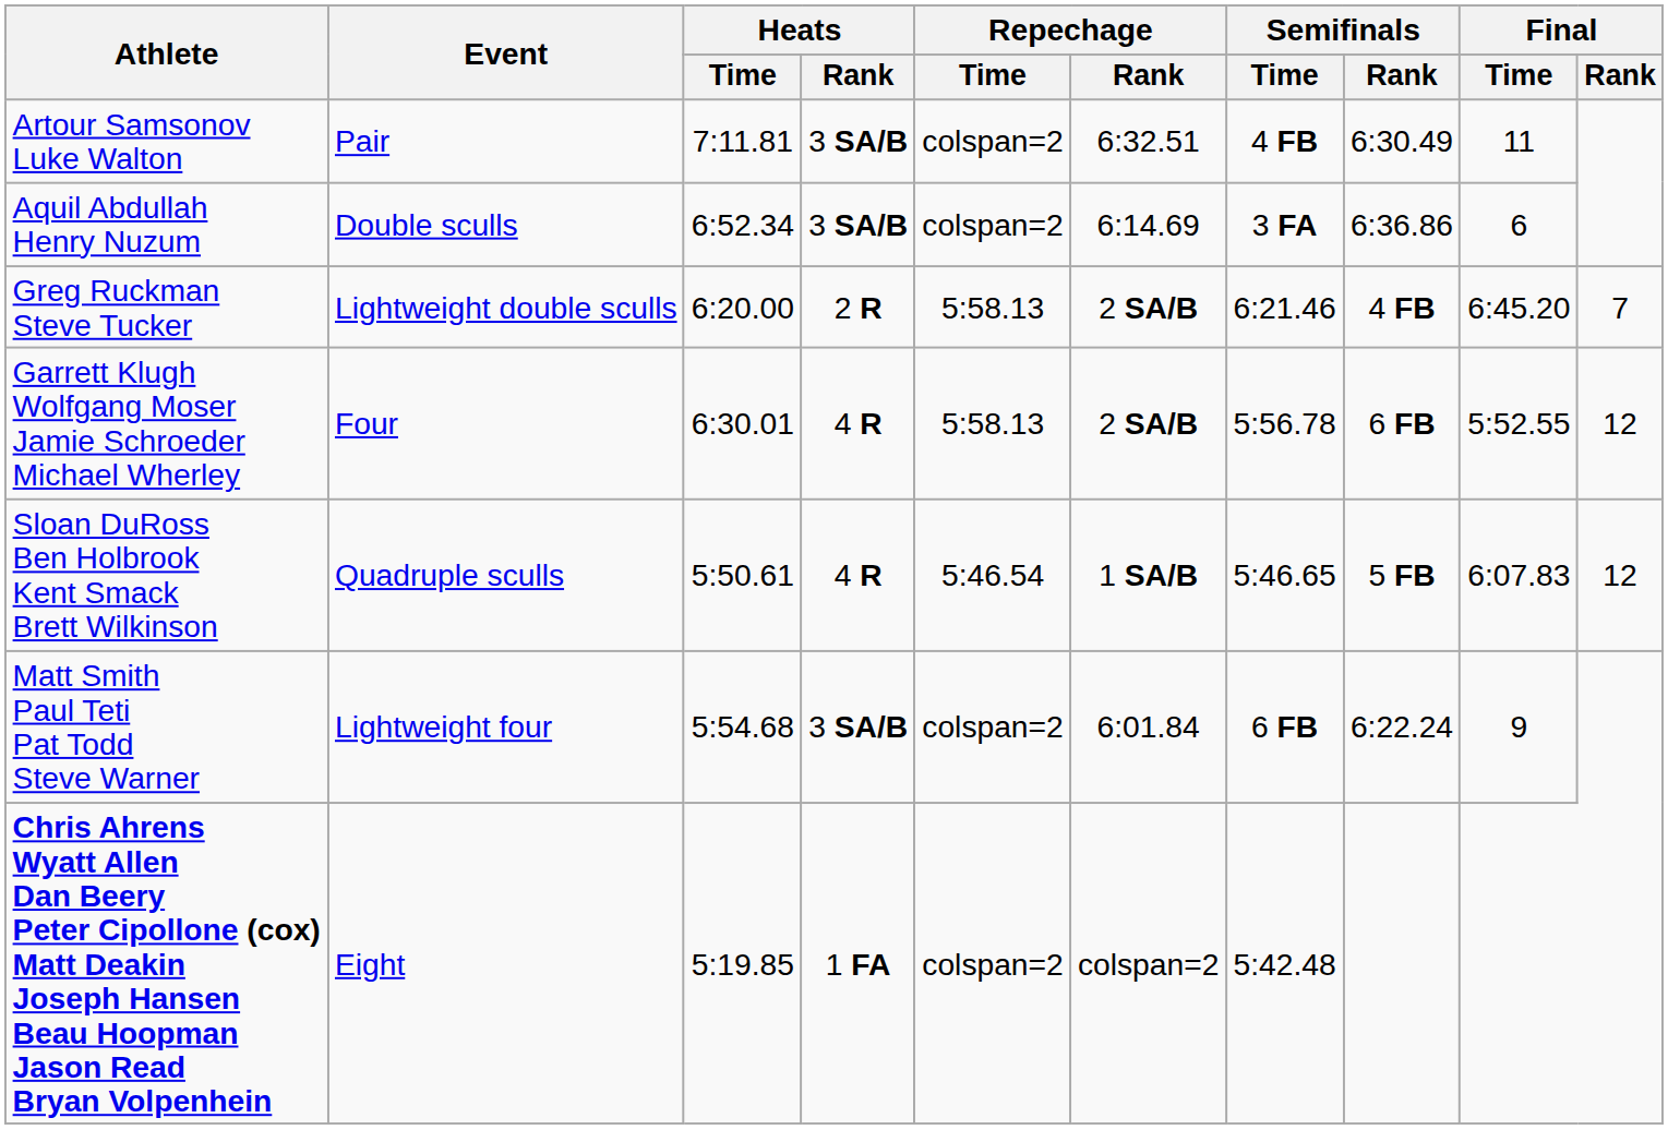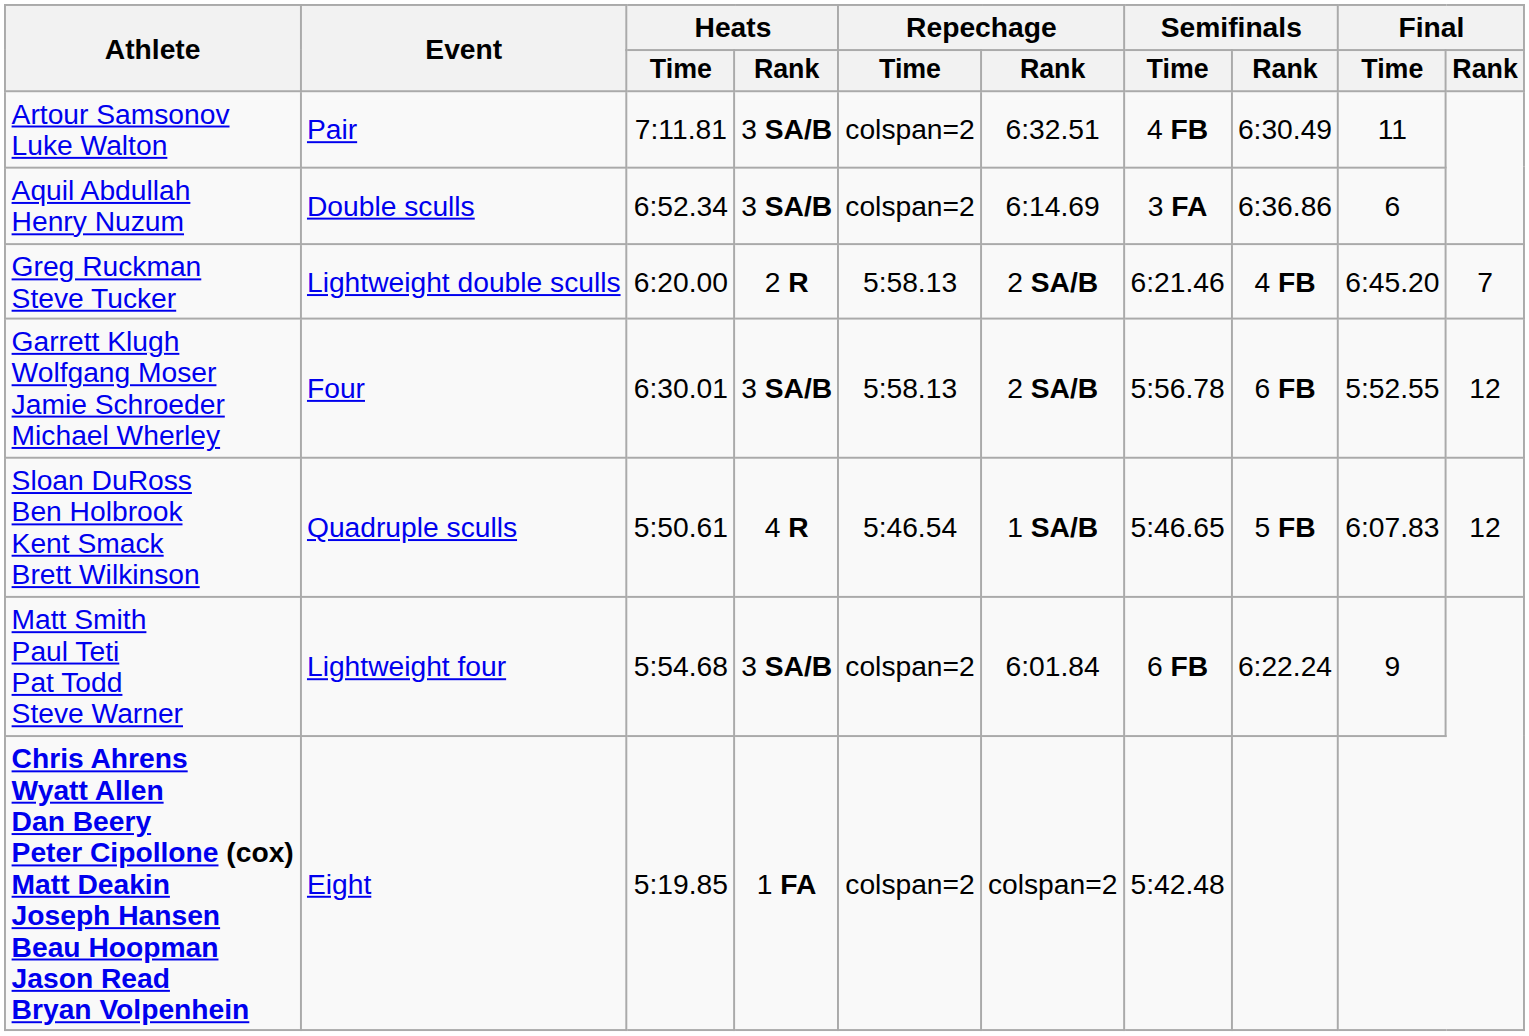 <table class=wikitable style=font-size:90%;text-align:center>
 <tr>
 <th rowspan=2>Athlete</th>
 <th rowspan=2>Event</th>
 <th colspan=2>Heats</th>
 <th colspan=2>Repechage</th>
 <th colspan=2>Semifinals</th>
 <th colspan=2>Final</th>
 </tr>
 <tr style=font-size:95%>
 <th>Time</th>
 <th>Rank</th>
 <th>Time</th>
 <th>Rank</th>
 <th>Time</th>
 <th>Rank</th>
 <th>Time</th>
 <th>Rank</th>
 </tr>
 <tr>
 <td align=left><a href='#'>Artour Samsonov</a><br><a href='#'>Luke Walton</a></td>
 <td align=left><a href='#'>Pair</a></td>
 <td>7:11.81</td>
 <td>3 <strong>SA/B</strong></td>
 <td>colspan=2 </td>
 <td>6:32.51</td>
 <td>4 <strong>FB</strong></td>
 <td>6:30.49</td>
 <td>11</td>
 </tr>
 <tr>
 <td align=left><a href='#'>Aquil Abdullah</a><br><a href='#'>Henry Nuzum</a></td>
 <td align=left><a href='#'>Double sculls</a></td>
 <td>6:52.34</td>
 <td>3 <strong>SA/B</strong></td>
 <td>colspan=2 </td>
 <td>6:14.69</td>
 <td>3 <strong>FA</strong></td>
 <td>6:36.86</td>
 <td>6</td>
 </tr>
 <tr>
 <td align=left><a href='#'>Greg Ruckman</a><br><a href='#'>Steve Tucker</a></td>
 <td align=left><a href='#'>Lightweight double sculls</a></td>
 <td>6:20.00</td>
 <td>2 <strong>R</strong></td>
 <td>5:58.13</td>
 <td>2 <strong>SA/B</strong></td>
 <td>6:21.46</td>
 <td>4 <strong>FB</strong></td>
 <td>6:45.20</td>
 <td>7</td>
 </tr>
 <tr>
 <td align=left><a href='#'>Garrett Klugh</a><br><a href='#'>Wolfgang Moser</a><br><a href='#'>Jamie Schroeder</a><br><a href='#'>Michael Wherley</a></td>
 <td align=left><a href='#'>Four</a></td>
 <td>6:30.01</td>
-<td>4 <strong>R</strong></td>
+<td>3 <strong>SA/B</strong></td>
 <td>5:58.13</td>
 <td>2 <strong>SA/B</strong></td>
 <td>5:56.78</td>
 <td>6 <strong>FB</strong></td>
 <td>5:52.55</td>
 <td>12</td>
 </tr>
 <tr>
 <td align=left><a href='#'>Sloan DuRoss</a><br><a href='#'>Ben Holbrook</a><br><a href='#'>Kent Smack</a><br><a href='#'>Brett Wilkinson</a></td>
 <td align=left><a href='#'>Quadruple sculls</a></td>
 <td>5:50.61</td>
 <td>4 <strong>R</strong></td>
 <td>5:46.54</td>
 <td>1 <strong>SA/B</strong></td>
 <td>5:46.65</td>
 <td>5 <strong>FB</strong></td>
 <td>6:07.83</td>
 <td>12</td>
 </tr>
 <tr>
 <td align=left><a href='#'>Matt Smith</a><br><a href='#'>Paul Teti</a><br><a href='#'>Pat Todd</a><br><a href='#'>Steve Warner</a></td>
 <td align=left><a href='#'>Lightweight four</a></td>
 <td>5:54.68</td>
 <td>3 <strong>SA/B</strong></td>
 <td>colspan=2 </td>
 <td>6:01.84</td>
 <td>6 <strong>FB</strong></td>
 <td>6:22.24</td>
 <td>9</td>
 </tr>
 <tr>
 <td align=left><strong><a href='#'>Chris Ahrens</a><br><a href='#'>Wyatt Allen</a><br><a href='#'>Dan Beery</a><br><a href='#'>Peter Cipollone</a> (cox)<br><a href='#'>Matt Deakin</a><br><a href='#'>Joseph Hansen</a><br><a href='#'>Beau Hoopman</a><br><a href='#'>Jason Read</a><br><a href='#'>Bryan Volpenhein</a></strong></td>
 <td align=left><a href='#'>Eight</a></td>
 <td>5:19.85 </td>
 <td>1 <strong>FA</strong></td>
 <td>colspan=2 </td>
 <td>colspan=2 </td>
 <td>5:42.48</td>
 <td></td>
 </tr>
 </table>
